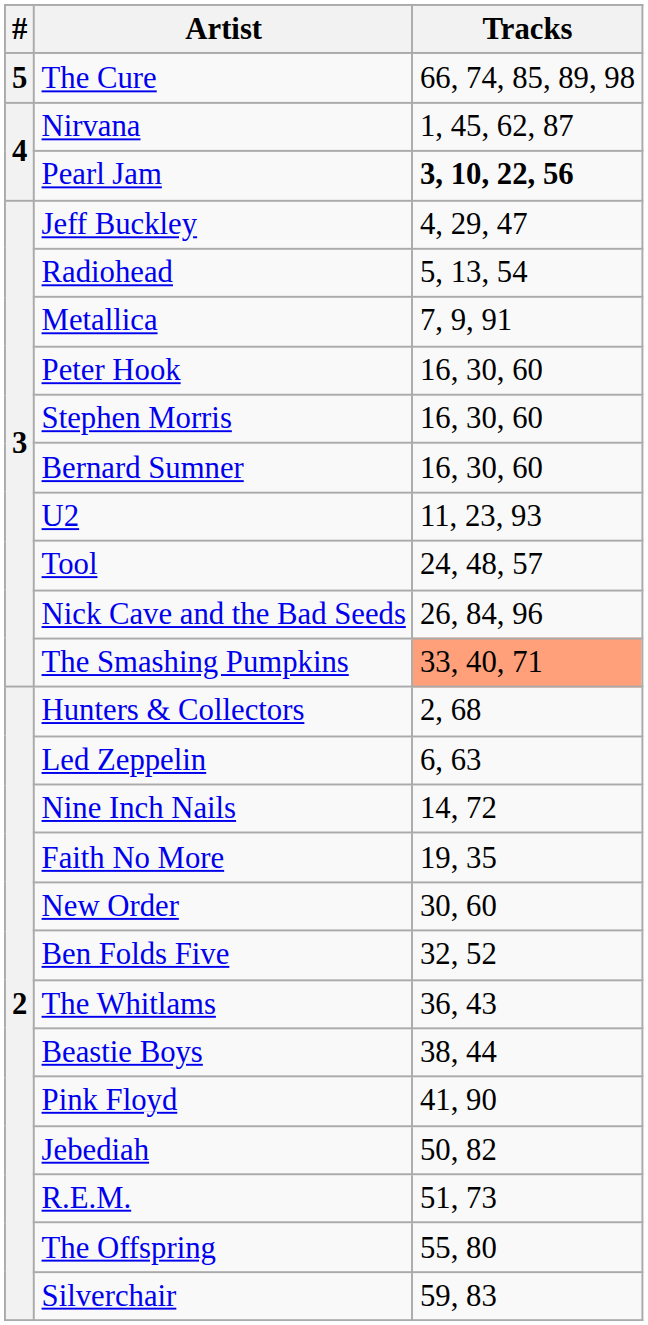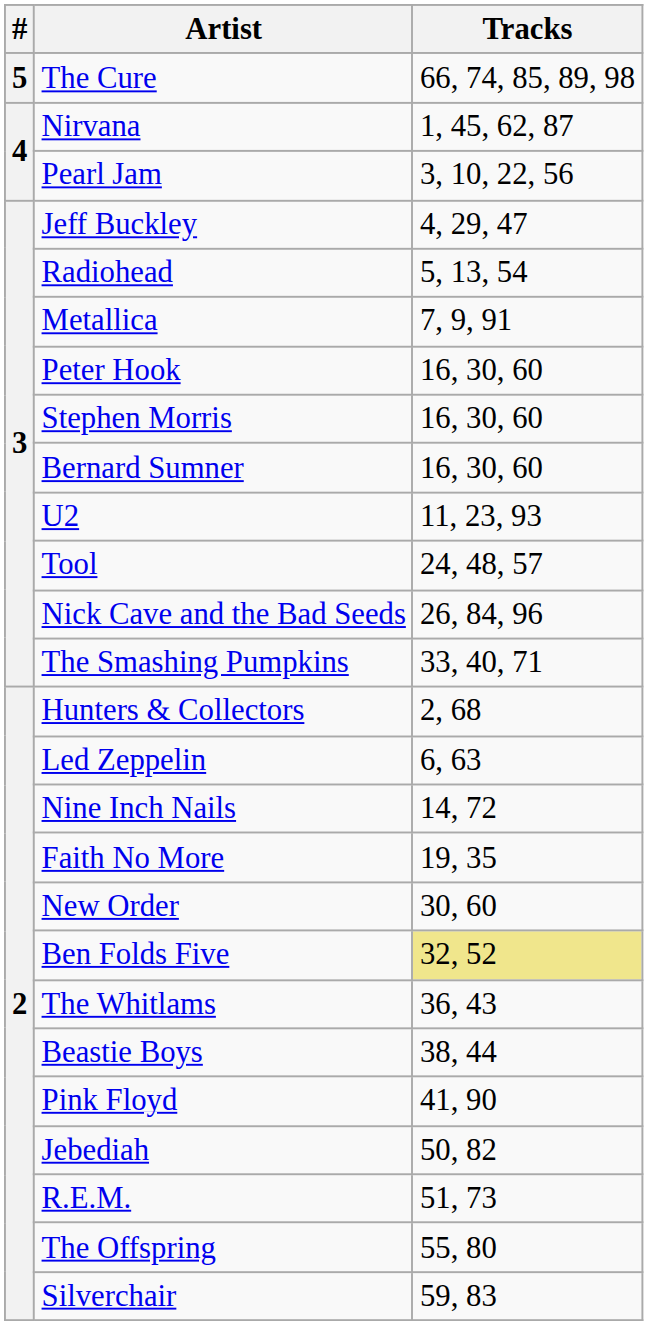 <table class="wikitable sortable">
 <tr>
 <th>#</th>
 <th>Artist</th>
 <th>Tracks</th>
 </tr>
 <tr>
 <th>5</th>
 <td><a href='#'>The Cure</a></td>
 <td>66, 74, 85, 89, 98</td>
 </tr>
 <tr>
 <th rowspan="2">4</th>
 <td><a href='#'>Nirvana</a></td>
 <td>1, 45, 62, 87</td>
 </tr>
 <tr>
 <td><a href='#'>Pearl Jam</a></td>
-<td><strong>3, 10, 22, 56</strong></td>
+<td>3, 10, 22, 56</td>
 </tr>
 <tr>
 <th rowspan="10">3</th>
 <td><a href='#'>Jeff Buckley</a></td>
 <td>4, 29, 47</td>
 </tr>
 <tr>
 <td><a href='#'>Radiohead</a></td>
 <td>5, 13, 54</td>
 </tr>
 <tr>
 <td><a href='#'>Metallica</a></td>
 <td>7, 9, 91</td>
 </tr>
 <tr>
 <td><a href='#'>Peter Hook</a></td>
 <td>16, 30, 60</td>
 </tr>
 <tr>
 <td><a href='#'>Stephen Morris</a></td>
 <td>16, 30, 60</td>
 </tr>
 <tr>
 <td><a href='#'>Bernard Sumner</a></td>
 <td>16, 30, 60</td>
 </tr>
 <tr>
 <td><a href='#'>U2</a></td>
 <td>11, 23, 93</td>
 </tr>
 <tr>
 <td><a href='#'>Tool</a></td>
 <td>24, 48, 57</td>
 </tr>
 <tr>
 <td><a href='#'>Nick Cave and the Bad Seeds</a></td>
 <td>26, 84, 96</td>
 </tr>
 <tr>
 <td><a href='#'>The Smashing Pumpkins</a></td>
-<td style="background: lightsalmon;">33, 40, 71</td>
+<td>33, 40, 71</td>
 </tr>
 <tr>
 <th rowspan="13">2</th>
 <td><a href='#'>Hunters & Collectors</a></td>
 <td>2, 68</td>
 </tr>
 <tr>
 <td><a href='#'>Led Zeppelin</a></td>
 <td>6, 63</td>
 </tr>
 <tr>
 <td><a href='#'>Nine Inch Nails</a></td>
 <td>14, 72</td>
 </tr>
 <tr>
 <td><a href='#'>Faith No More</a></td>
 <td>19, 35</td>
 </tr>
 <tr>
 <td><a href='#'>New Order</a></td>
 <td>30, 60</td>
 </tr>
 <tr>
 <td><a href='#'>Ben Folds Five</a></td>
-<td>32, 52</td>
+<td style="background: khaki;">32, 52</td>
 </tr>
 <tr>
 <td><a href='#'>The Whitlams</a></td>
 <td>36, 43</td>
 </tr>
 <tr>
 <td><a href='#'>Beastie Boys</a></td>
 <td>38, 44</td>
 </tr>
 <tr>
 <td><a href='#'>Pink Floyd</a></td>
 <td>41, 90</td>
 </tr>
 <tr>
 <td><a href='#'>Jebediah</a></td>
 <td>50, 82</td>
 </tr>
 <tr>
 <td><a href='#'>R.E.M.</a></td>
 <td>51, 73</td>
 </tr>
 <tr>
 <td><a href='#'>The Offspring</a></td>
 <td>55, 80</td>
 </tr>
 <tr>
 <td><a href='#'>Silverchair</a></td>
 <td>59, 83</td>
 </tr>
 </table>
